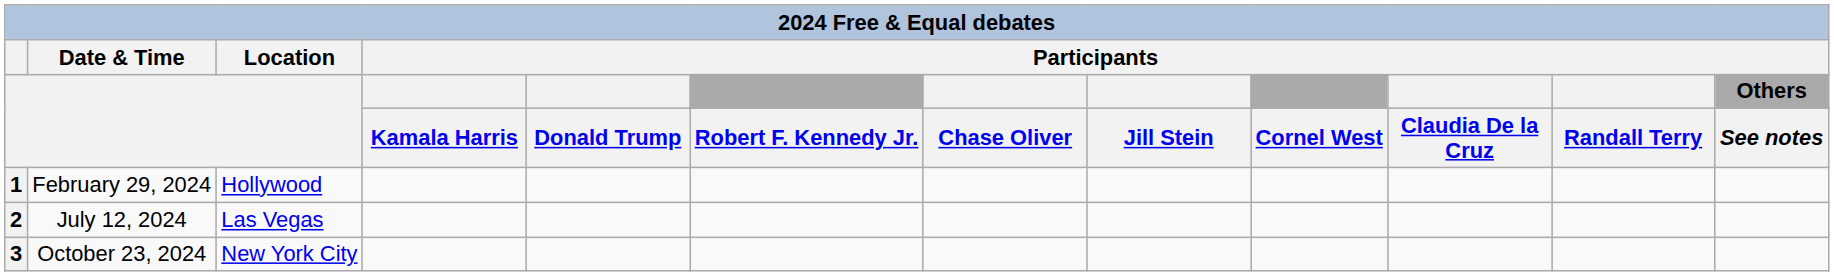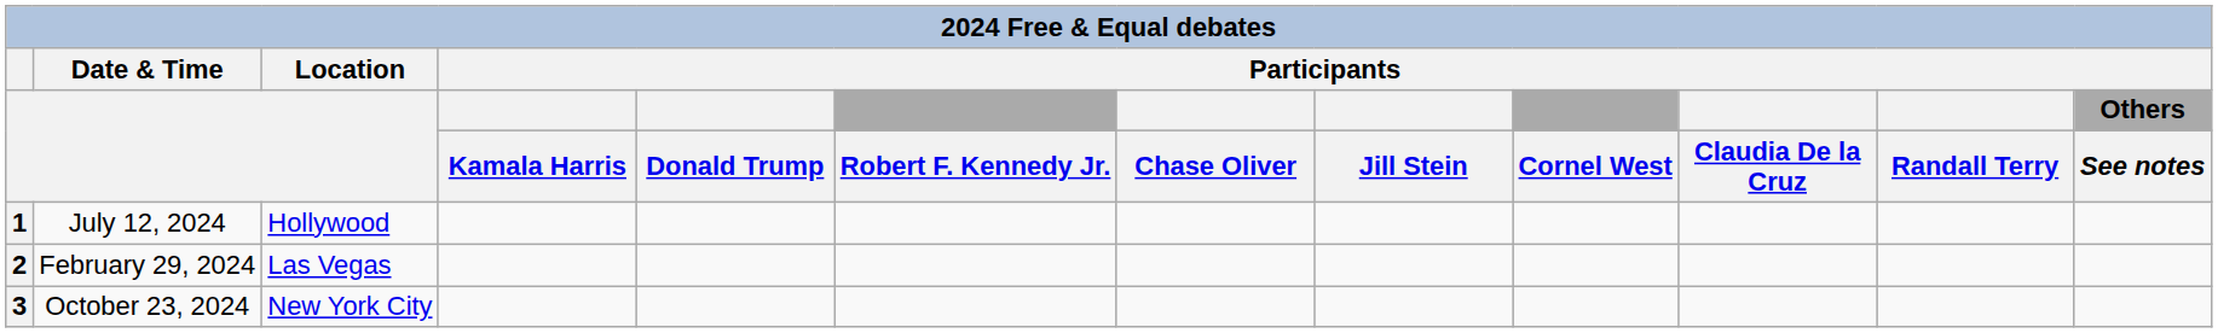 <table class="wikitable" style="font-size:90%">
 <tr>
 <th style="background:#B0C4DE" colspan="12">2024 Free & Equal debates</th>
 </tr>
 <tr>
 <th></th>
 <th>Date & Time</th>
 <th>Location</th>
 <th scope="col" colspan="9">Participants</th>
 </tr>
 <tr>
 <th colspan="3" rowspan="2"><br></th>
 <th scope="col" style="width:7em; background:"><a href='#'></a></th>
 <th scope="col" style="width:7em; background:"><a href='#'></a></th>
 <th scope="col" style="background:#AAAAAA;"><a href='#'></a></th>
 <th scope="col" style="width:7em; background:"><a href='#'></a></th>
 <th scope="col" style="width:7em; background:"><a href='#'></a></th>
 <th scope="col" style="background:#AAAAAA;"><a href='#'></a></th>
 <th scope="col" style="width:7em; background:"><a href='#'></a></th>
 <th scope="col" style="width:7em; background:"><a href='#'></a></th>
 <th colspan="1" scope="col" style="background:#AAAAAA;">Others</th>
 </tr>
 <tr>
 <th><a href='#'>Kamala Harris</a></th>
 <th><a href='#'>Donald Trump</a></th>
 <th><a href='#'>Robert F. Kennedy Jr.</a></th>
 <th><a href='#'>Chase Oliver</a></th>
 <th><a href='#'>Jill Stein</a></th>
 <th><a href='#'>Cornel West</a></th>
 <th><a href='#'>Claudia De la Cruz</a></th>
 <th><a href='#'>Randall Terry</a></th>
 <th><em>See notes</em></th>
 </tr>
 <tr>
 <th>1</th>
-<td style="white-space:nowrap; text-align:center;">February 29, 2024</td>
+<td style="white-space:nowrap; text-align:center;">July 12, 2024</td>
 <td><a href='#'>Hollywood</a></td>
 <td></td>
 <td></td>
 <td></td>
 <td></td>
 <td></td>
 <td></td>
 <td></td>
 <td></td>
 <td></td>
 </tr>
 <tr>
 <th>2</th>
-<td style="white-space:nowrap; text-align:center;">July 12, 2024</td>
+<td style="white-space:nowrap; text-align:center;">February 29, 2024</td>
 <td><a href='#'>Las Vegas</a></td>
 <td></td>
 <td></td>
 <td></td>
 <td></td>
 <td></td>
 <td></td>
 <td></td>
 <td></td>
 <td></td>
 </tr>
 <tr>
 <th>3</th>
 <td style="white-space:nowrap; text-align:center;">October 23, 2024</td>
 <td><a href='#'>New York City</a></td>
 <td></td>
 <td></td>
 <td></td>
 <td></td>
 <td></td>
 <td></td>
 <td></td>
 <td></td>
 <td></td>
 </tr>
 </table>
